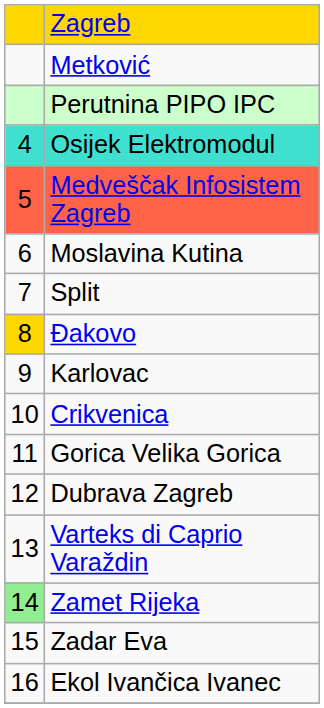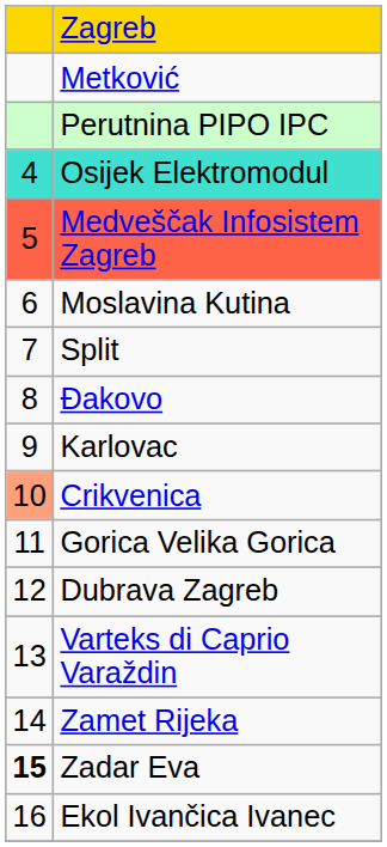 <table class="wikitable" width="200px">
 <tr bgcolor="gold">
 <td align=center></td>
 <td><a href='#'>Zagreb</a></td>
 </tr>
 <tr>
 <td align=center></td>
 <td><a href='#'>Metković</a></td>
 </tr>
 <tr bgcolor=#ccffcc>
 <td align=center></td>
 <td>Perutnina PIPO IPC</td>
 </tr>
 <tr bgcolor="turquoise">
 <td align=center>4</td>
 <td>Osijek Elektromodul</td>
 </tr>
 <tr bgcolor="tomato">
 <td align=center>5</td>
 <td><a href='#'>Medveščak Infosistem Zagreb</a></td>
 </tr>
 <tr>
 <td align=center>6</td>
 <td>Moslavina Kutina</td>
 </tr>
 <tr>
 <td align=center>7</td>
 <td>Split</td>
 </tr>
 <tr>
-<td align=center style="background: gold;">8</td>
+<td align=center>8</td>
 <td><a href='#'>Đakovo</a></td>
 </tr>
 <tr>
 <td align=center>9</td>
 <td>Karlovac</td>
 </tr>
 <tr>
-<td align=center>10</td>
+<td align=center style="background: lightsalmon;">10</td>
 <td><a href='#'>Crikvenica</a></td>
 </tr>
 <tr>
 <td align=center>11</td>
 <td>Gorica Velika Gorica</td>
 </tr>
 <tr>
 <td align=center>12</td>
 <td>Dubrava Zagreb</td>
 </tr>
 <tr>
 <td align=center>13</td>
 <td><a href='#'>Varteks di Caprio Varaždin</a></td>
 </tr>
 <tr>
-<td align=center style="background: lightgreen;">14</td>
+<td align=center>14</td>
 <td><a href='#'>Zamet Rijeka</a></td>
 </tr>
 <tr>
-<td align=center>15</td>
+<td align=center><strong>15</strong></td>
 <td>Zadar Eva</td>
 </tr>
 <tr>
 <td align=center>16</td>
 <td>Ekol Ivančica Ivanec</td>
 </tr>
 <tr>
 </tr>
 </table>
